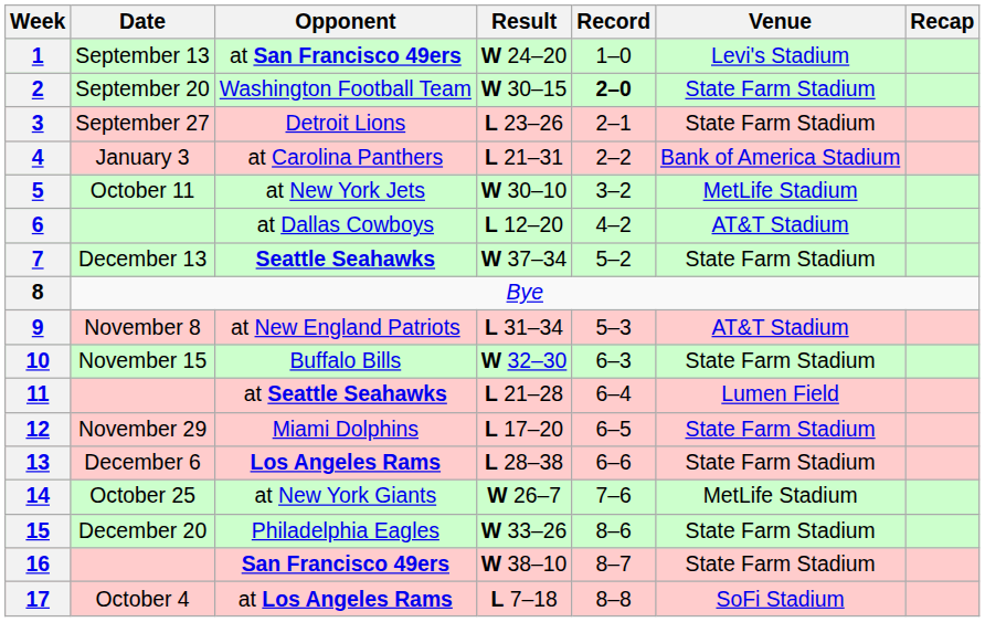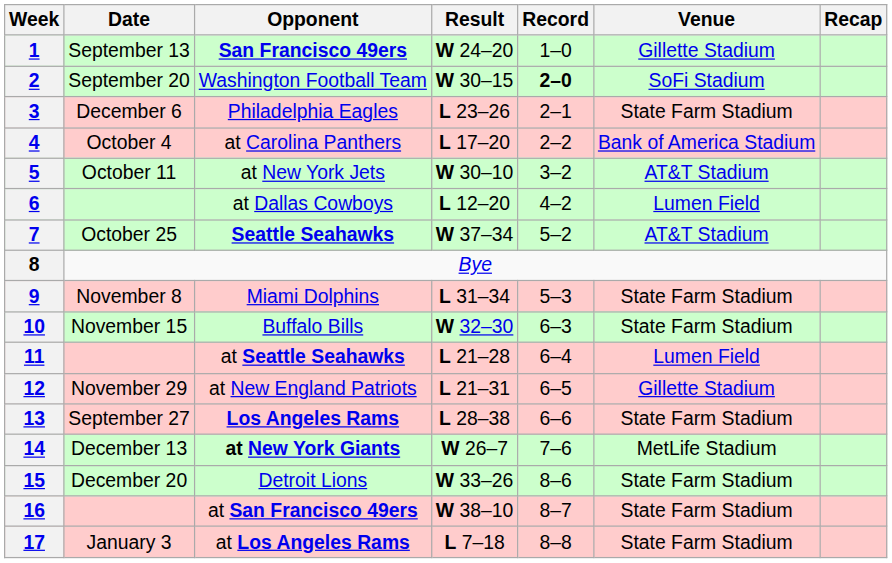 <table class="wikitable" style="text-align:center">
 <tr>
 <th>Week</th>
 <th>Date</th>
 <th>Opponent</th>
 <th>Result</th>
 <th>Record</th>
 <th>Venue</th>
 <th>Recap</th>
 </tr>
 <tr style="background:#cfc">
 <th><a href='#'>1</a></th>
 <td>September 13</td>
-<td>at <strong><a href='#'>San Francisco 49ers</a></strong></td>
+<td><strong><a href='#'>San Francisco 49ers</a></strong></td>
 <td><strong>W</strong> 24–20</td>
 <td>1–0</td>
-<td><a href='#'>Levi's Stadium</a></td>
+<td><a href='#'>Gillette Stadium</a></td>
 <td></td>
 </tr>
 <tr style="background:#cfc">
 <th><a href='#'>2</a></th>
 <td>September 20</td>
 <td><a href='#'>Washington Football Team</a></td>
 <td><strong>W</strong> 30–15</td>
 <td><strong>2–0</strong></td>
-<td><a href='#'>State Farm Stadium</a></td>
+<td><a href='#'>SoFi Stadium</a></td>
 <td></td>
 </tr>
 <tr style="background:#fcc">
 <th><a href='#'>3</a></th>
-<td>September 27</td>
-<td><a href='#'>Detroit Lions</a></td>
+<td>December 6</td>
+<td><a href='#'>Philadelphia Eagles</a></td>
 <td><strong>L</strong> 23–26</td>
 <td>2–1</td>
 <td>State Farm Stadium</td>
 <td></td>
 </tr>
 <tr style="background:#fcc">
 <th><a href='#'>4</a></th>
-<td>January 3</td>
+<td>October 4</td>
 <td>at <a href='#'>Carolina Panthers</a></td>
-<td><strong>L</strong> 21–31</td>
+<td><strong>L</strong> 17–20</td>
 <td>2–2</td>
 <td><a href='#'>Bank of America Stadium</a></td>
 <td></td>
 </tr>
 <tr style="background:#cfc">
 <th><a href='#'>5</a></th>
 <td>October 11</td>
 <td>at <a href='#'>New York Jets</a></td>
 <td><strong>W</strong> 30–10</td>
 <td>3–2</td>
-<td><a href='#'>MetLife Stadium</a></td>
+<td><a href='#'>AT&T Stadium</a></td>
 <td></td>
 </tr>
 <tr style="background:#cfc">
 <th><a href='#'>6</a></th>
 <td></td>
 <td>at <a href='#'>Dallas Cowboys</a></td>
 <td><strong>L</strong> 12–20</td>
 <td>4–2</td>
-<td><a href='#'>AT&T Stadium</a></td>
+<td><a href='#'>Lumen Field</a></td>
 <td></td>
 </tr>
 <tr style="background:#cfc">
 <th><a href='#'>7</a></th>
-<td>December 13</td>
+<td>October 25</td>
 <td><strong><a href='#'>Seattle Seahawks</a></strong></td>
 <td><strong>W</strong> 37–34 </td>
 <td>5–2</td>
-<td>State Farm Stadium</td>
+<td><a href='#'>AT&T Stadium</a></td>
 <td></td>
 </tr>
 <tr>
 <th>8</th>
 <td colspan="6"><em><a href='#'>Bye</a></em></td>
 </tr>
 <tr style="background:#fcc">
 <th><a href='#'>9</a></th>
 <td>November 8</td>
-<td>at <a href='#'>New England Patriots</a></td>
+<td><a href='#'>Miami Dolphins</a></td>
 <td><strong>L</strong> 31–34</td>
 <td>5–3</td>
-<td><a href='#'>AT&T Stadium</a></td>
+<td>State Farm Stadium</td>
 <td></td>
 </tr>
 <tr style="background:#cfc">
 <th><a href='#'>10</a></th>
 <td>November 15</td>
 <td><a href='#'>Buffalo Bills</a></td>
 <td><strong>W</strong> <a href='#'>32–30</a></td>
 <td>6–3</td>
 <td>State Farm Stadium</td>
 <td></td>
 </tr>
 <tr style="background:#fcc">
 <th><a href='#'>11</a></th>
 <td></td>
 <td>at <strong><a href='#'>Seattle Seahawks</a></strong></td>
 <td><strong>L</strong> 21–28</td>
 <td>6–4</td>
 <td><a href='#'>Lumen Field</a></td>
 <td></td>
 </tr>
 <tr style="background:#fcc">
 <th><a href='#'>12</a></th>
 <td>November 29</td>
-<td><a href='#'>Miami Dolphins</a></td>
-<td><strong>L</strong> 17–20</td>
+<td>at <a href='#'>New England Patriots</a></td>
+<td><strong>L</strong> 21–31</td>
 <td>6–5</td>
-<td><a href='#'>State Farm Stadium</a></td>
+<td><a href='#'>Gillette Stadium</a></td>
 <td></td>
 </tr>
 <tr style="background:#fcc">
 <th><a href='#'>13</a></th>
-<td>December 6</td>
+<td>September 27</td>
 <td><strong><a href='#'>Los Angeles Rams</a></strong></td>
 <td><strong>L</strong> 28–38</td>
 <td>6–6</td>
 <td>State Farm Stadium</td>
 <td></td>
 </tr>
 <tr style="background:#cfc">
 <th><a href='#'>14</a></th>
-<td>October 25</td>
-<td>at <a href='#'>New York Giants</a></td>
+<td>December 13</td>
+<td><strong>at <a href='#'>New York Giants</a></strong></td>
 <td><strong>W</strong> 26–7</td>
 <td>7–6</td>
 <td>MetLife Stadium</td>
 <td></td>
 </tr>
 <tr style="background:#cfc">
 <th><a href='#'>15</a></th>
 <td>December 20</td>
-<td><a href='#'>Philadelphia Eagles</a></td>
+<td><a href='#'>Detroit Lions</a></td>
 <td><strong>W</strong> 33–26</td>
 <td>8–6</td>
 <td>State Farm Stadium</td>
 <td></td>
 </tr>
 <tr style="background:#fcc">
 <th><a href='#'>16</a></th>
 <td></td>
-<td><strong><a href='#'>San Francisco 49ers</a></strong></td>
+<td>at <strong><a href='#'>San Francisco 49ers</a></strong></td>
 <td><strong>W</strong> 38–10</td>
 <td>8–7</td>
 <td>State Farm Stadium</td>
 <td></td>
 </tr>
 <tr style="background:#fcc">
 <th><a href='#'>17</a></th>
-<td>October 4</td>
+<td>January 3</td>
 <td>at <strong><a href='#'>Los Angeles Rams</a></strong></td>
 <td><strong>L</strong> 7–18</td>
 <td>8–8</td>
-<td><a href='#'>SoFi Stadium</a></td>
+<td>State Farm Stadium</td>
 <td></td>
 </tr>
 </table>
